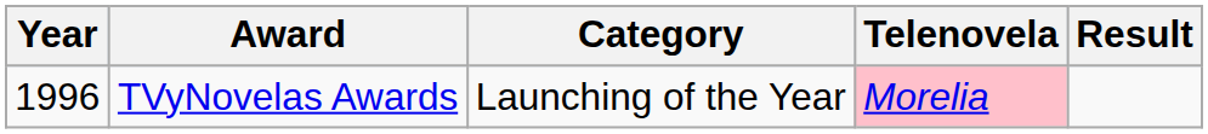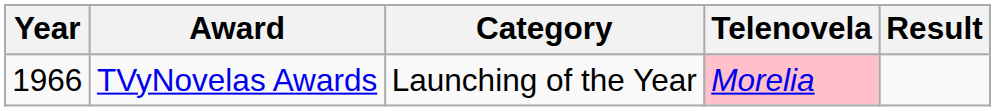 <table class="wikitable">
 <tr style="background:#b0c4de;">
 <th>Year</th>
 <th>Award</th>
 <th>Category</th>
 <th>Telenovela</th>
 <th>Result</th>
 </tr>
 <tr>
-<td>1996</td>
+<td>1966</td>
 <td><a href='#'>TVyNovelas Awards</a></td>
 <td>Launching of the Year</td>
 <td style="background: pink;"><em><a href='#'>Morelia</a></em></td>
 <td></td>
 </tr>
 </table>
